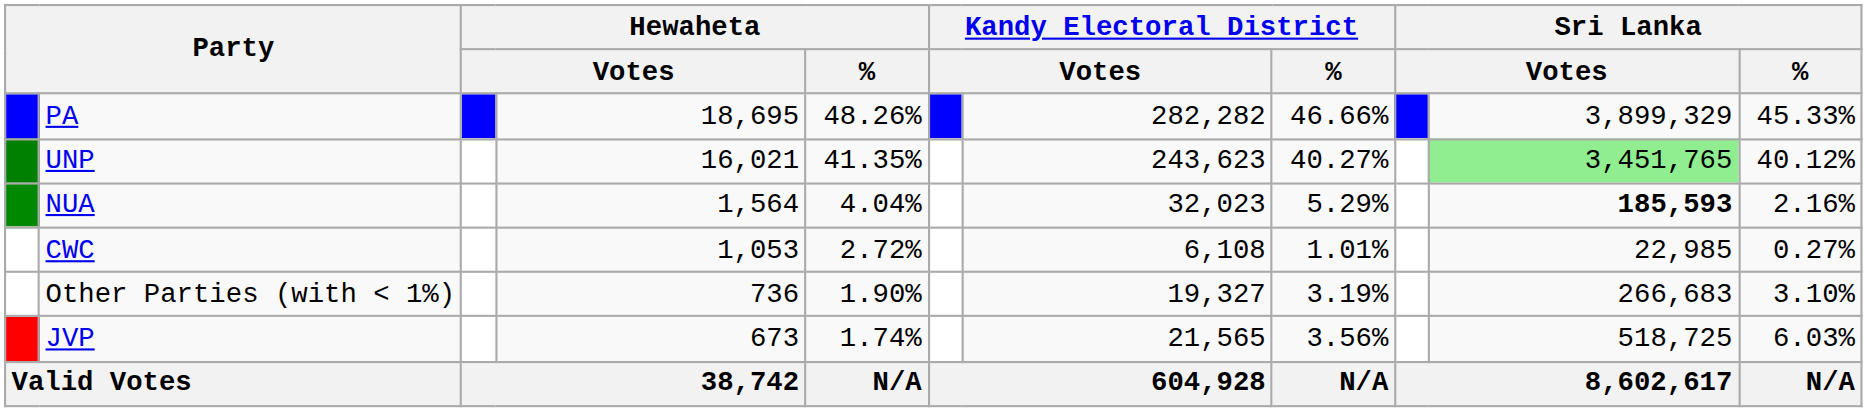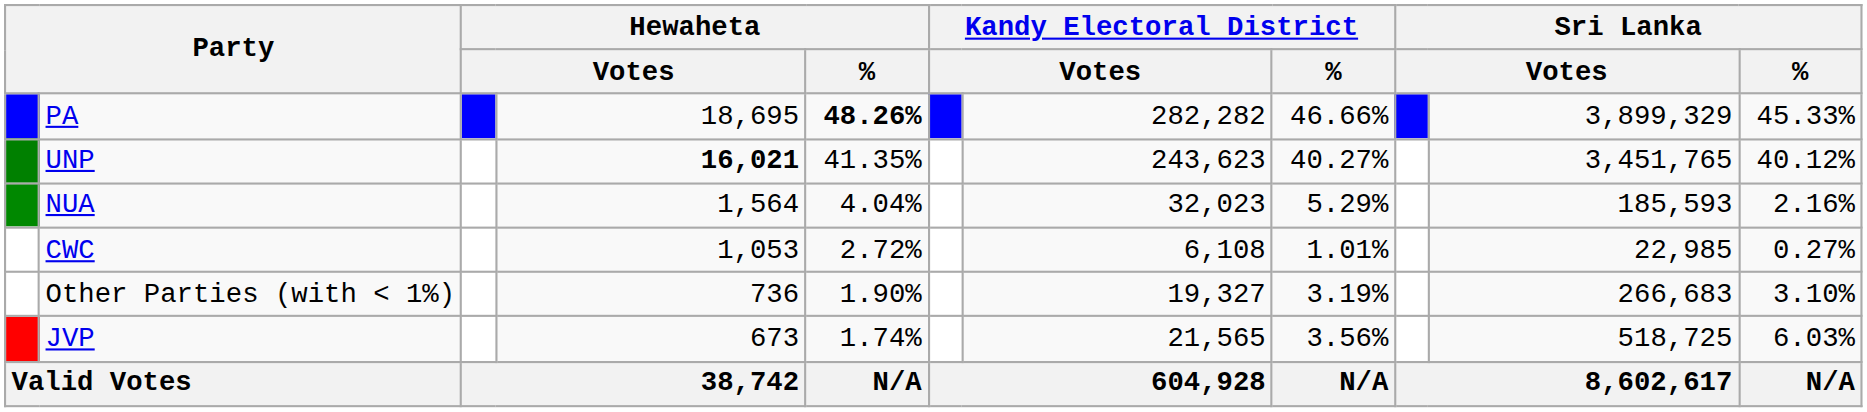 <table class="wikitable">
 <tr>
 <th colspan="2" width="144px"rowspan="2">Party</th>
 <th colspan="3" width="216px">Hewaheta</th>
 <th colspan="3" width="216px"><a href='#'>Kandy Electoral District</a></th>
 <th colspan="3" width="216px">Sri Lanka</th>
 </tr>
 <tr>
 <th colspan="2" width="144px">Votes</th>
 <th>%</th>
 <th colspan="2" width="144px">Votes</th>
 <th>%</th>
 <th colspan="2" width="144px">Votes</th>
 <th>%</th>
 </tr>
 <tr>
 <td style="background-color:blue;" width="10px"></td>
 <td style="text-align:left;"><a href='#'>PA</a></td>
 <td style="background-color:blue;" width="10px"></td>
 <td style="text-align:right;">18,695</td>
-<td style="text-align:right;">48.26%</td>
+<td style="text-align:right;"><strong>48.26%</strong></td>
 <td style="background-color:blue;" width="10px"></td>
 <td style="text-align:right;">282,282</td>
 <td style="text-align:right;">46.66%</td>
 <td style="background-color:blue;" width="10px"></td>
 <td style="text-align:right;">3,899,329</td>
 <td style="text-align:right;">45.33%</td>
 </tr>
 <tr>
 <td style="background-color:green;" width="10px"></td>
 <td style="text-align:left;"><a href='#'>UNP</a></td>
 <td style="background-color:white;" width="10px"></td>
-<td style="text-align:right;">16,021</td>
+<td style="text-align:right;"><strong>16,021</strong></td>
 <td style="text-align:right;">41.35%</td>
 <td style="background-color:white;" width="10px"></td>
 <td style="text-align:right;">243,623</td>
 <td style="text-align:right;">40.27%</td>
 <td style="background-color:white;" width="10px"></td>
-<td style="background: lightgreen; text-align:right;">3,451,765</td>
+<td style="text-align:right;">3,451,765</td>
 <td style="text-align:right;">40.12%</td>
 </tr>
 <tr>
 <td style="background-color:#008800;" width="10px"></td>
 <td style="text-align:left;"><a href='#'>NUA</a></td>
 <td style="background-color:white;" width="10px"></td>
 <td style="text-align:right;">1,564</td>
 <td style="text-align:right;">4.04%</td>
 <td style="background-color:white;" width="10px"></td>
 <td style="text-align:right;">32,023</td>
 <td style="text-align:right;">5.29%</td>
 <td style="background-color:white;" width="10px"></td>
-<td style="text-align:right;"><strong>185,593</strong></td>
+<td style="text-align:right;">185,593</td>
 <td style="text-align:right;">2.16%</td>
 </tr>
 <tr>
 <td style="background-color:white;" width="10px"></td>
 <td style="text-align:left;"><a href='#'>CWC</a></td>
 <td style="background-color:white;" width="10px"></td>
 <td style="text-align:right;">1,053</td>
 <td style="text-align:right;">2.72%</td>
 <td style="background-color:white;" width="10px"></td>
 <td style="text-align:right;">6,108</td>
 <td style="text-align:right;">1.01%</td>
 <td style="background-color:white;" width="10px"></td>
 <td style="text-align:right;">22,985</td>
 <td style="text-align:right;">0.27%</td>
 </tr>
 <tr>
 <td style="background-color:white;" width="10px"></td>
 <td style="text-align:left;">Other Parties (with < 1%)</td>
 <td style="background-color:white;" width="10px"></td>
 <td style="text-align:right;">736</td>
 <td style="text-align:right;">1.90%</td>
 <td style="background-color:white;" width="10px"></td>
 <td style="text-align:right;">19,327</td>
 <td style="text-align:right;">3.19%</td>
 <td style="background-color:white;" width="10px"></td>
 <td style="text-align:right;">266,683</td>
 <td style="text-align:right;">3.10%</td>
 </tr>
 <tr>
 <td style="background-color:red;" width="10px"></td>
 <td style="text-align:left;"><a href='#'>JVP</a></td>
 <td style="background-color:white;" width="10px"></td>
 <td style="text-align:right;">673</td>
 <td style="text-align:right;">1.74%</td>
 <td style="background-color:white;" width="10px"></td>
 <td style="text-align:right;">21,565</td>
 <td style="text-align:right;">3.56%</td>
 <td style="background-color:white;" width="10px"></td>
 <td style="text-align:right;">518,725</td>
 <td style="text-align:right;">6.03%</td>
 </tr>
 <tr>
 <th colspan="2" width="144px"style="text-align:left;">Valid Votes</th>
 <th style="text-align:right;"colspan="2" width="144px">38,742</th>
 <th style="text-align:right;">N/A</th>
 <th style="text-align:right;"colspan="2" width="144px">604,928</th>
 <th style="text-align:right;">N/A</th>
 <th style="text-align:right;"colspan="2" width="144px">8,602,617</th>
 <th style="text-align:right;">N/A</th>
 </tr>
 </table>
